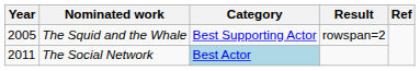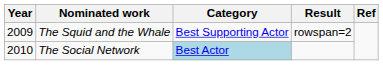 <table class="wikitable">
 <tr>
 <th>Year</th>
 <th>Nominated work</th>
 <th>Category</th>
 <th>Result</th>
 <th>Ref</th>
 </tr>
 <tr>
-<td>2005</td>
+<td>2009</td>
 <td><em>The Squid and the Whale</em></td>
 <td><a href='#'>Best Supporting Actor</a></td>
 <td>rowspan=2 </td>
 <td rowspan=2></td>
 </tr>
 <tr>
-<td>2011</td>
+<td>2010</td>
 <td><em>The Social Network</em></td>
 <td style="background: lightblue;"><a href='#'>Best Actor</a></td>
 </tr>
 </table>
